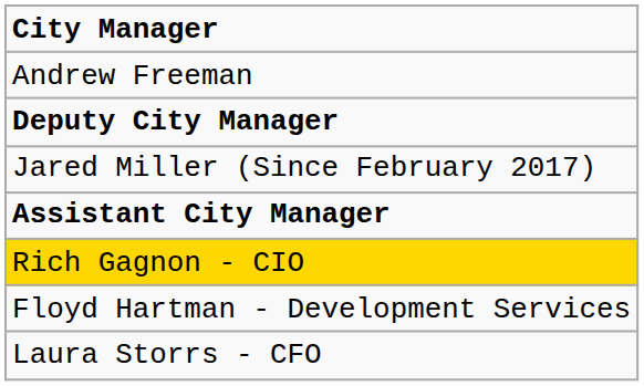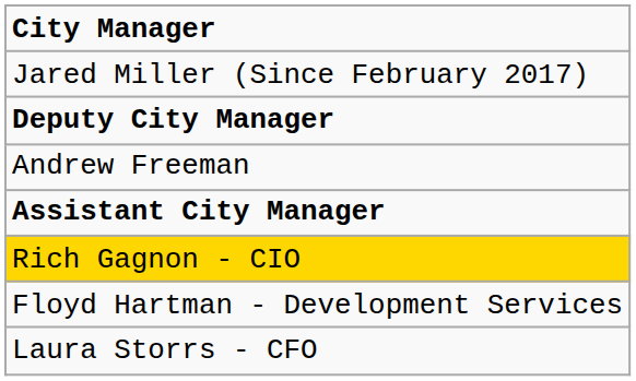 <table class="wikitable" style="margin:auto;">
 <tr>
 <td><strong>City Manager</strong></td>
 </tr>
 <tr>
-<td>Andrew Freeman</td>
+<td>Jared Miller (Since February 2017)</td>
 </tr>
 <tr>
 <td><strong>Deputy City Manager</strong></td>
 </tr>
 <tr>
-<td>Jared Miller (Since February 2017)</td>
+<td>Andrew Freeman</td>
 </tr>
 <tr>
 <td><strong>Assistant City Manager</strong></td>
 </tr>
 <tr>
 <td style="background: gold;">Rich Gagnon - CIO</td>
 </tr>
 <tr>
 <td>Floyd Hartman - Development Services</td>
 </tr>
 <tr>
 <td>Laura Storrs - CFO</td>
 </tr>
 </table>
